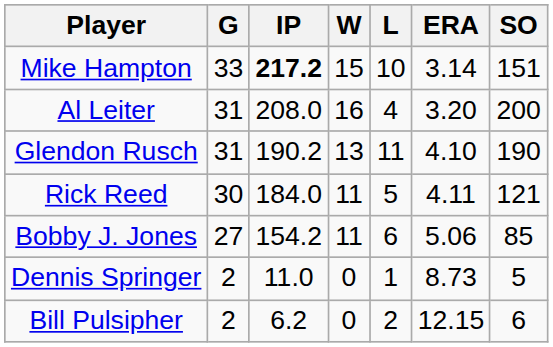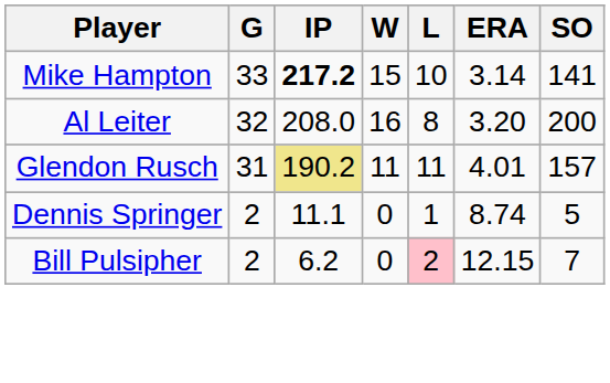 <table class="wikitable sortable">
 <tr>
 <th>Player</th>
 <th>G</th>
 <th>IP</th>
 <th>W</th>
 <th>L</th>
 <th>ERA</th>
 <th>SO</th>
 </tr>
 <tr align="center">
 <td><a href='#'>Mike Hampton</a></td>
 <td>33</td>
 <td><strong>217.2</strong></td>
 <td>15</td>
 <td>10</td>
 <td>3.14</td>
-<td>151</td>
+<td>141</td>
 </tr>
 <tr align="center">
 <td><a href='#'>Al Leiter</a></td>
-<td>31</td>
+<td>32</td>
 <td>208.0</td>
 <td>16</td>
-<td>4</td>
+<td>8</td>
 <td>3.20</td>
 <td>200</td>
 </tr>
 <tr align="center">
 <td><a href='#'>Glendon Rusch</a></td>
 <td>31</td>
-<td>190.2</td>
-<td>13</td>
+<td style="background: khaki;">190.2</td>
 <td>11</td>
-<td>4.10</td>
-<td>190</td>
-</tr>
-<tr align=center>
-<td><a href='#'>Rick Reed</a></td>
-<td>30</td>
-<td>184.0</td>
 <td>11</td>
-<td>5</td>
-<td>4.11</td>
-<td>121</td>
-</tr>
-<tr align="center">
-<td><a href='#'>Bobby J. Jones</a></td>
-<td>27</td>
-<td>154.2</td>
-<td>11</td>
-<td>6</td>
-<td>5.06</td>
-<td>85</td>
+<td>4.01</td>
+<td>157</td>
 </tr>
 <tr align="center">
 <td><a href='#'>Dennis Springer</a></td>
 <td>2</td>
-<td>11.0</td>
+<td>11.1</td>
 <td>0</td>
 <td>1</td>
-<td>8.73</td>
+<td>8.74</td>
 <td>5</td>
 </tr>
 <tr align="center">
 <td><a href='#'>Bill Pulsipher</a></td>
 <td>2</td>
 <td>6.2</td>
 <td>0</td>
-<td>2</td>
+<td style="background: pink;">2</td>
 <td>12.15</td>
-<td>6</td>
+<td>7</td>
 </tr>
 </table>
